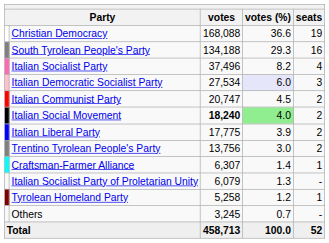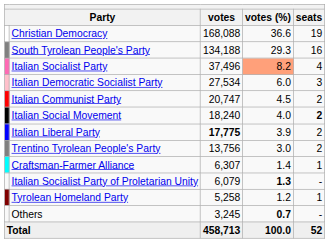 <table class="wikitable" style="font-size:95%; text-align:right;">
 <tr>
 <th colspan=5></th>
 </tr>
 <tr>
 <th colspan=2>Party</th>
 <th>votes</th>
 <th>votes (%)</th>
 <th>seats</th>
 </tr>
 <tr>
 <td bgcolor=White></td>
 <td align=left><a href='#'>Christian Democracy</a></td>
 <td>168,088</td>
 <td>36.6</td>
 <td>19</td>
 </tr>
 <tr>
 <td bgcolor=Gray></td>
 <td align=left><a href='#'>South Tyrolean People's Party</a></td>
 <td>134,188</td>
 <td>29.3</td>
 <td>16</td>
 </tr>
 <tr>
 <td bgcolor=Hotpink></td>
 <td align=left><a href='#'>Italian Socialist Party</a></td>
 <td>37,496</td>
-<td>8.2</td>
+<td style="background: lightsalmon;">8.2</td>
 <td>4</td>
 </tr>
 <tr>
 <td bgcolor=Pink></td>
 <td align=left><a href='#'>Italian Democratic Socialist Party</a></td>
 <td>27,534</td>
-<td style="background: lavender;">6.0</td>
+<td>6.0</td>
 <td>3</td>
 </tr>
 <tr>
 <td bgcolor=Red></td>
 <td align=left><a href='#'>Italian Communist Party</a></td>
 <td>20,747</td>
 <td>4.5</td>
 <td>2</td>
 </tr>
 <tr>
 <td bgcolor=Black></td>
 <td align=left><a href='#'>Italian Social Movement</a></td>
-<td><strong>18,240</strong></td>
-<td style="background: lightgreen;">4.0</td>
-<td>2</td>
+<td>18,240</td>
+<td>4.0</td>
+<td><strong>2</strong></td>
 </tr>
 <tr>
 <td bgcolor=Blue></td>
 <td align=left><a href='#'>Italian Liberal Party</a></td>
-<td>17,775</td>
+<td><strong>17,775</strong></td>
 <td>3.9</td>
 <td>2</td>
 </tr>
 <tr>
 <td bgcolor=Gray></td>
 <td align=left><a href='#'>Trentino Tyrolean People's Party</a></td>
 <td>13,756</td>
 <td>3.0</td>
 <td>2</td>
 </tr>
 <tr>
 <td bgcolor=Cyan></td>
 <td align=left><a href='#'>Craftsman-Farmer Alliance</a></td>
 <td>6,307</td>
 <td>1.4</td>
 <td>1</td>
 </tr>
 <tr>
 <td bgcolor=></td>
 <td align=left><a href='#'>Italian Socialist Party of Proletarian Unity</a></td>
 <td>6,079</td>
-<td>1.3</td>
+<td><strong>1.3</strong></td>
 <td>-</td>
 </tr>
 <tr>
 <td bgcolor=Maroon></td>
 <td align=left><a href='#'>Tyrolean Homeland Party</a></td>
 <td>5,258</td>
 <td>1.2</td>
 <td>1</td>
 </tr>
 <tr>
 <td bgcolor=></td>
 <td align=left>Others</td>
 <td>3,245</td>
-<td>0.7</td>
+<td><strong>0.7</strong></td>
 <td>-</td>
 </tr>
 <tr bgcolor="EFEFEF">
 <td align=left colspan=2><strong>Total</strong></td>
 <td><strong>458,713</strong></td>
 <td><strong>100.0</strong></td>
 <td><strong>52</strong></td>
 </tr>
 </table>
